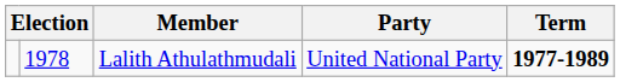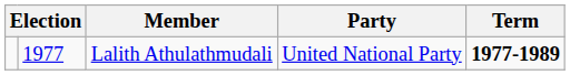 <table class="wikitable">
 <tr>
 <th colspan="2">Election</th>
 <th>Member</th>
 <th>Party</th>
 <th>Term</th>
 </tr>
 <tr>
 <td style="background-color: "></td>
-<td><a href='#'>1978</a></td>
+<td><a href='#'>1977</a></td>
 <td><a href='#'>Lalith Athulathmudali</a></td>
 <td><a href='#'>United National Party</a></td>
 <td><strong>1977-1989</strong></td>
 </tr>
 </table>
